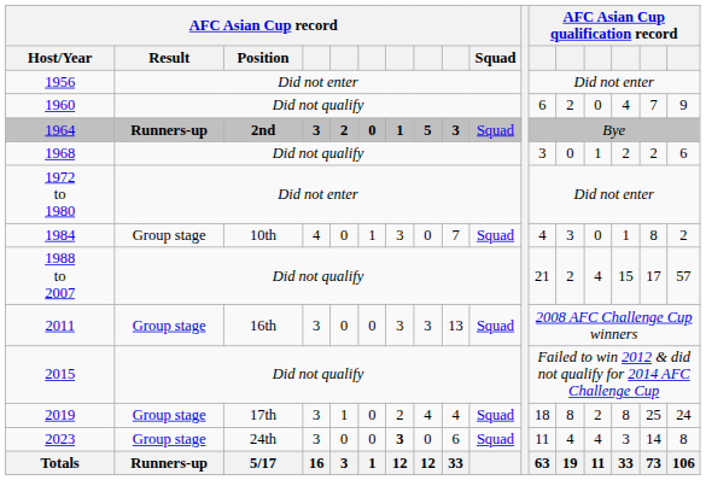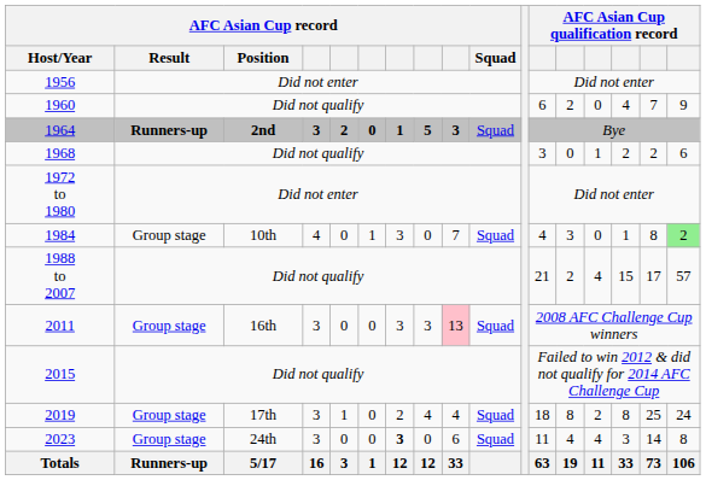 <table class="wikitable" style="text-align:center;">
 <tr>
 <th colspan=10><a href='#'>AFC Asian Cup</a> record</th>
 <th style="width:1%;" rowspan="17"></th>
 <th colspan=6><a href='#'>AFC Asian Cup qualification</a> record</th>
 </tr>
 <tr>
 <th style="width:100px;">Host/Year</th>
 <th style="width:100px;">Result</th>
 <th style="width:70px;">Position</th>
 <th style="width:20px;"></th>
 <th style="width:20px;"></th>
 <th style="width:20px;"></th>
 <th style="width:20px;"></th>
 <th style="width:20px;"></th>
 <th style="width:20px;"></th>
 <th style="width:20px;">Squad</th>
 <th style="width:20px;"></th>
 <th style="width:20px;"></th>
 <th style="width:20px;"></th>
 <th style="width:20px;"></th>
 <th style="width:20px;"></th>
 <th style="width:20px;"></th>
 </tr>
 <tr>
 <td> <a href='#'>1956</a></td>
 <td colspan=9><em>Did not enter</em></td>
 <td colspan=6><em>Did not enter</em></td>
 </tr>
 <tr>
 <td> <a href='#'>1960</a></td>
 <td colspan=9><em>Did not qualify</em></td>
 <td>6</td>
 <td>2</td>
 <td>0</td>
 <td>4</td>
 <td>7</td>
 <td>9</td>
 </tr>
 <tr style="background:silver;">
 <td> <a href='#'>1964</a></td>
 <td><strong>Runners-up</strong></td>
 <td><strong>2nd</strong></td>
 <td><strong>3</strong></td>
 <td><strong>2</strong></td>
 <td><strong>0</strong></td>
 <td><strong>1</strong></td>
 <td><strong>5</strong></td>
 <td><strong>3</strong></td>
 <td><a href='#'>Squad</a></td>
 <td colspan=6><em>Bye</em></td>
 </tr>
 <tr>
 <td> <a href='#'>1968</a></td>
 <td colspan=9><em>Did not qualify</em></td>
 <td>3</td>
 <td>0</td>
 <td>1</td>
 <td>2</td>
 <td>2</td>
 <td>6</td>
 </tr>
 <tr>
 <td> <a href='#'>1972</a><br>to<br> <a href='#'>1980</a></td>
 <td colspan=9><em>Did not enter</em></td>
 <td colspan=6><em>Did not enter</em></td>
 </tr>
 <tr>
 <td> <a href='#'>1984</a></td>
 <td>Group stage</td>
 <td>10th</td>
 <td>4</td>
 <td>0</td>
 <td>1</td>
 <td>3</td>
 <td>0</td>
 <td>7</td>
 <td><a href='#'>Squad</a></td>
 <td>4</td>
 <td>3</td>
 <td>0</td>
 <td>1</td>
 <td>8</td>
-<td>2</td>
+<td style="background: lightgreen;">2</td>
 </tr>
 <tr>
 <td> <a href='#'>1988</a><br>to<br>    <a href='#'>2007</a></td>
 <td colspan=9><em>Did not qualify</em></td>
 <td>21</td>
 <td>2</td>
 <td>4</td>
 <td>15</td>
 <td>17</td>
 <td>57</td>
 </tr>
 <tr>
 <td> <a href='#'>2011</a></td>
 <td><a href='#'>Group stage</a></td>
 <td>16th</td>
 <td>3</td>
 <td>0</td>
 <td>0</td>
 <td>3</td>
 <td>3</td>
-<td>13</td>
+<td style="background: pink;">13</td>
 <td><a href='#'>Squad</a></td>
 <td colspan=6><em><a href='#'>2008 AFC Challenge Cup</a> winners</em></td>
 </tr>
 <tr>
 <td> <a href='#'>2015</a></td>
 <td colspan=9 rowspan=1><em>Did not qualify</em></td>
 <td colspan=6><em>Failed to win <a href='#'>2012</a> & did not qualify for <a href='#'>2014 AFC Challenge Cup</a> </em></td>
 </tr>
 <tr>
 <td> <a href='#'>2019</a></td>
 <td><a href='#'>Group stage</a></td>
 <td>17th</td>
 <td>3</td>
 <td>1</td>
 <td>0</td>
 <td>2</td>
 <td>4</td>
 <td>4</td>
 <td><a href='#'>Squad</a></td>
 <td>18</td>
 <td>8</td>
 <td>2</td>
 <td>8</td>
 <td>25</td>
 <td>24</td>
 </tr>
 <tr>
 <td> <a href='#'>2023</a></td>
 <td><a href='#'>Group stage</a></td>
 <td>24th</td>
 <td>3</td>
 <td>0</td>
 <td>0</td>
 <td><strong>3</strong></td>
 <td>0</td>
 <td>6</td>
 <td><a href='#'>Squad</a></td>
 <td>11</td>
 <td>4</td>
 <td>4</td>
 <td>3</td>
 <td>14</td>
 <td>8</td>
 </tr>
 <tr>
 <th><strong>Totals</strong></th>
 <th>Runners-up</th>
 <th>5/17</th>
 <th>16</th>
 <th>3</th>
 <th>1</th>
 <th>12</th>
 <th>12</th>
 <th>33</th>
 <th></th>
 <th>63</th>
 <th>19</th>
 <th>11</th>
 <th>33</th>
 <th>73</th>
 <th>106</th>
 </tr>
 </table>
